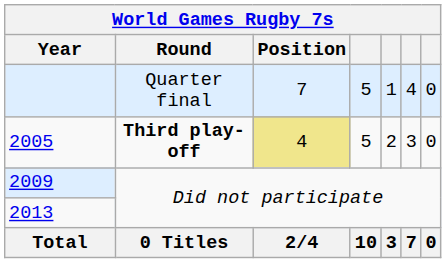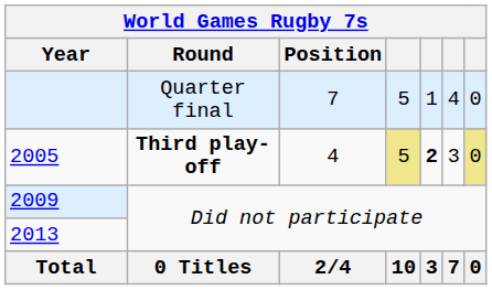 <table class="wikitable" style="text-align: center;">
 <tr>
 <th colspan=10><a href='#'>World Games Rugby 7s</a></th>
 </tr>
 <tr>
 <th style="width:5.5em;">Year</th>
 <th style="width:7em;">Round</th>
 <th>Position</th>
 <th></th>
 <th></th>
 <th></th>
 <th></th>
 </tr>
 <tr bgcolor=#ddeeff>
 <td align=left></td>
 <td>Quarter final</td>
 <td>7</td>
 <td>5</td>
 <td>1</td>
 <td>4</td>
 <td>0</td>
 </tr>
 <tr>
 <td align=left> <a href='#'>2005</a></td>
 <td><strong>Third play-off</strong></td>
-<td style="background: khaki;">4</td>
-<td>5</td>
-<td>2</td>
+<td>4</td>
+<td style="background: khaki;">5</td>
+<td><strong>2</strong></td>
 <td>3</td>
-<td>0</td>
+<td style="background: khaki;">0</td>
 </tr>
 <tr bgcolor=#ddeeff>
 <td align=left> <a href='#'>2009</a></td>
 <td colspan="6" rowspan=2 style="background-color:#f9f9f9;"><em>Did not participate</em></td>
 </tr>
 <tr>
 <td align=left> <a href='#'>2013</a></td>
 </tr>
 <tr>
 <th>Total</th>
 <th>0 Titles</th>
 <th>2/4</th>
 <th>10</th>
 <th>3</th>
 <th>7</th>
 <th>0</th>
 </tr>
 </table>
